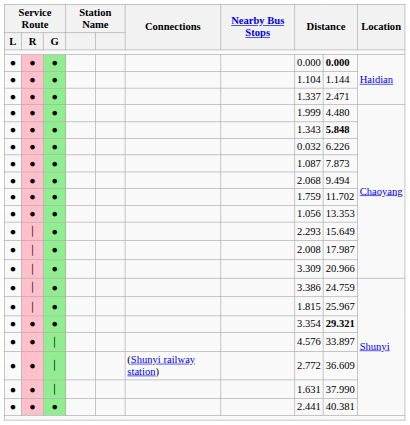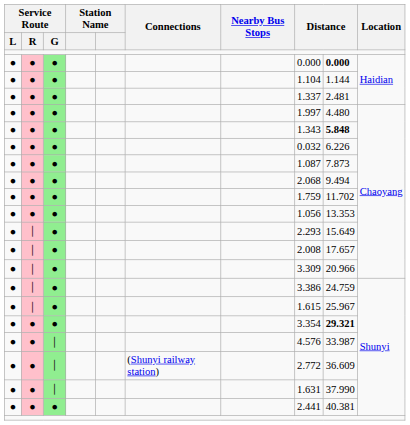 <table class="wikitable">
 <tr>
 <th colspan="3">Service Route<br></th>
 <th colspan="2">Station Name</th>
 <th rowspan="2">Connections</th>
 <th rowspan="2"><a href='#'>Nearby Bus Stops</a></th>
 <th colspan="2" rowspan="2">Distance<br></th>
 <th rowspan="2">Location</th>
 </tr>
 <tr>
 <th>L</th>
 <th>R</th>
 <th>G</th>
 <th></th>
 <th></th>
 </tr>
 <tr style="background:#">
 <td colspan="10"></td>
 </tr>
 <tr>
 <td style="text-align:center;">●</td>
 <td style="background:pink; text-align:center">●</td>
 <td style="background:lightgreen; text-align:center">●</td>
 <td></td>
 <td></td>
 <td></td>
 <td></td>
 <td>0.000</td>
 <td><strong>0.000</strong></td>
 <td rowspan="3"><a href='#'>Haidian</a></td>
 </tr>
 <tr>
 <td style="text-align:center;">●</td>
 <td style="background:pink; text-align:center">●</td>
 <td style="background:lightgreen; text-align:center">●</td>
 <td></td>
 <td></td>
 <td></td>
 <td></td>
 <td>1.104</td>
 <td>1.144</td>
 </tr>
 <tr>
 <td style="text-align:center;">●</td>
 <td style="background:pink; text-align:center">●</td>
 <td style="background:lightgreen; text-align:center">●</td>
 <td></td>
 <td></td>
 <td></td>
 <td></td>
 <td>1.337</td>
-<td>2.471</td>
+<td>2.481</td>
 </tr>
 <tr>
 <td style="text-align:center;">●</td>
 <td style="background:pink; text-align:center">●</td>
 <td style="background:lightgreen; text-align:center">●</td>
 <td></td>
 <td></td>
 <td></td>
 <td></td>
-<td>1.999</td>
+<td>1.997</td>
 <td>4.480</td>
 <td rowspan="10"><a href='#'>Chaoyang</a></td>
 </tr>
 <tr>
 <td style="text-align:center;">●</td>
 <td style="background:pink; text-align:center">●</td>
 <td style="background:lightgreen; text-align:center">●</td>
 <td></td>
 <td></td>
 <td></td>
 <td></td>
 <td>1.343</td>
 <td><strong>5.848</strong></td>
 </tr>
 <tr>
 <td style="text-align:center;">●</td>
 <td style="background:pink; text-align:center">●</td>
 <td style="background:lightgreen; text-align:center">●</td>
 <td></td>
 <td></td>
 <td></td>
 <td></td>
 <td>0.032</td>
 <td>6.226</td>
 </tr>
 <tr>
 <td style="text-align:center;">●</td>
 <td style="background:pink; text-align:center">●</td>
 <td style="background:lightgreen; text-align:center">●</td>
 <td></td>
 <td></td>
 <td></td>
 <td></td>
 <td>1.087</td>
 <td>7.873</td>
 </tr>
 <tr>
 <td style="text-align:center;">●</td>
 <td style="background:pink; text-align:center">●</td>
 <td style="background:lightgreen; text-align:center">●</td>
 <td></td>
 <td></td>
 <td>  </td>
 <td></td>
 <td>2.068</td>
 <td>9.494</td>
 </tr>
 <tr>
 <td style="text-align:center;">●</td>
 <td style="background:pink; text-align:center">●</td>
 <td style="background:lightgreen; text-align:center">●</td>
 <td></td>
 <td></td>
 <td></td>
 <td></td>
 <td>1.759</td>
 <td>11.702</td>
 </tr>
 <tr>
 <td style="text-align:center;">●</td>
 <td style="background:pink; text-align:center">●</td>
 <td style="background:lightgreen; text-align:center">●</td>
 <td></td>
 <td></td>
 <td></td>
 <td></td>
 <td>1.056</td>
 <td>13.353</td>
 </tr>
 <tr>
 <td style="text-align:center;">●</td>
 <td style="background:pink; text-align:center">｜</td>
 <td style="background:lightgreen; text-align:center">●</td>
 <td></td>
 <td></td>
 <td></td>
 <td></td>
 <td>2.293</td>
 <td>15.649</td>
 </tr>
 <tr>
 <td style="text-align:center;">●</td>
 <td style="background:pink; text-align:center">｜</td>
 <td style="background:lightgreen; text-align:center">●</td>
 <td></td>
 <td></td>
 <td></td>
 <td></td>
 <td>2.008</td>
-<td>17.987</td>
+<td>17.657</td>
 </tr>
 <tr>
 <td style="text-align:center;">●</td>
 <td style="background:pink; text-align:center">｜</td>
 <td style="background:lightgreen; text-align:center">●</td>
 <td></td>
 <td></td>
 <td></td>
 <td></td>
 <td>3.309</td>
 <td>20.966</td>
 </tr>
 <tr>
 <td style="text-align:center;">●</td>
 <td style="background:pink; text-align:center">｜</td>
 <td style="background:lightgreen; text-align:center">●</td>
 <td></td>
 <td></td>
 <td></td>
 <td></td>
 <td>3.386</td>
 <td>24.759</td>
 <td rowspan="7"><a href='#'>Shunyi</a></td>
 </tr>
 <tr>
 <td style="text-align:center;">●</td>
 <td style="background:pink; text-align:center">｜</td>
 <td style="background:lightgreen; text-align:center">●</td>
 <td></td>
 <td></td>
 <td></td>
 <td></td>
-<td>1.815</td>
+<td>1.615</td>
 <td>25.967</td>
 </tr>
 <tr>
 <td style="text-align:center;">●</td>
 <td style="background:pink; text-align:center">●</td>
 <td style="background:lightgreen; text-align:center">●</td>
 <td></td>
 <td></td>
 <td></td>
 <td></td>
 <td>3.354</td>
 <td><strong>29.321</strong></td>
 </tr>
 <tr>
 <td style="text-align:center;">●</td>
 <td style="background:pink; text-align:center">●</td>
 <td style="background:lightgreen; text-align:center">｜</td>
 <td></td>
 <td></td>
 <td></td>
 <td></td>
 <td>4.576</td>
-<td>33.897</td>
+<td>33.987</td>
 </tr>
 <tr>
 <td style="text-align:center;">●</td>
 <td style="background:pink; text-align:center">●</td>
 <td style="background:lightgreen; text-align:center">｜</td>
 <td></td>
 <td></td>
 <td>  (<a href='#'>Shunyi railway station</a>)</td>
 <td></td>
 <td>2.772</td>
 <td>36.609</td>
 </tr>
 <tr>
 <td style="text-align:center;">●</td>
 <td style="background:pink; text-align:center">●</td>
 <td style="background:lightgreen; text-align:center">｜</td>
 <td></td>
 <td></td>
 <td></td>
 <td></td>
 <td>1.631</td>
 <td>37.990</td>
 </tr>
 <tr>
 <td style="text-align:center;">●</td>
 <td style="background:pink; text-align:center">●</td>
 <td style="background:lightgreen; text-align:center">●</td>
 <td></td>
 <td></td>
 <td></td>
 <td></td>
 <td>2.441</td>
 <td>40.381</td>
 </tr>
 <tr style="background:#">
 <td colspan="10"></td>
 </tr>
 </table>
